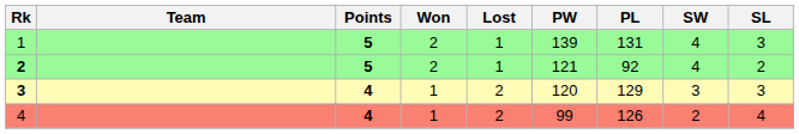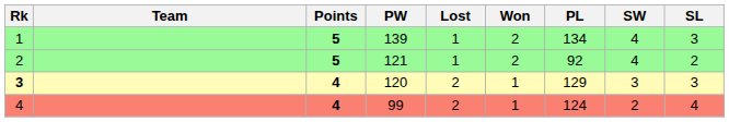 <table class=wikitable style=text-align:center>
 <tr>
 <th width=25>Rk</th>
 <th width=300>Team</th>
 <th width=60>Points</th>
+<th width=60>PW</th>
+<th width=60>Lost</th>
 <th width=60>Won</th>
-<th width=60>Lost</th>
-<th width=60>PW</th>
 <th width=60>PL</th>
 <th width=60>SW</th>
 <th width=60>SL</th>
 </tr>
 <tr style="background: #98fb98">
 <td>1</td>
 <td align=left></td>
 <td><strong>5</strong></td>
+<td>139</td>
+<td>1</td>
 <td>2</td>
-<td>1</td>
-<td>139</td>
-<td>131</td>
+<td>134</td>
 <td>4</td>
 <td>3</td>
 </tr>
 <tr style="background: #98fb98">
-<td><strong>2</strong></td>
+<td>2</td>
 <td align=left></td>
 <td><strong>5</strong></td>
+<td>121</td>
+<td>1</td>
 <td>2</td>
-<td>1</td>
-<td>121</td>
 <td>92</td>
 <td>4</td>
 <td>2</td>
 </tr>
 <tr style="background: #fffcb7">
 <td><strong>3</strong></td>
 <td align=left></td>
 <td><strong>4</strong></td>
+<td>120</td>
+<td>2</td>
 <td>1</td>
-<td>2</td>
-<td>120</td>
 <td>129</td>
 <td>3</td>
 <td>3</td>
 </tr>
 <tr style="background: salmon">
 <td>4</td>
 <td align=left></td>
 <td><strong>4</strong></td>
+<td>99</td>
+<td>2</td>
 <td>1</td>
-<td>2</td>
-<td>99</td>
-<td>126</td>
+<td>124</td>
 <td>2</td>
 <td>4</td>
 </tr>
 </table>
